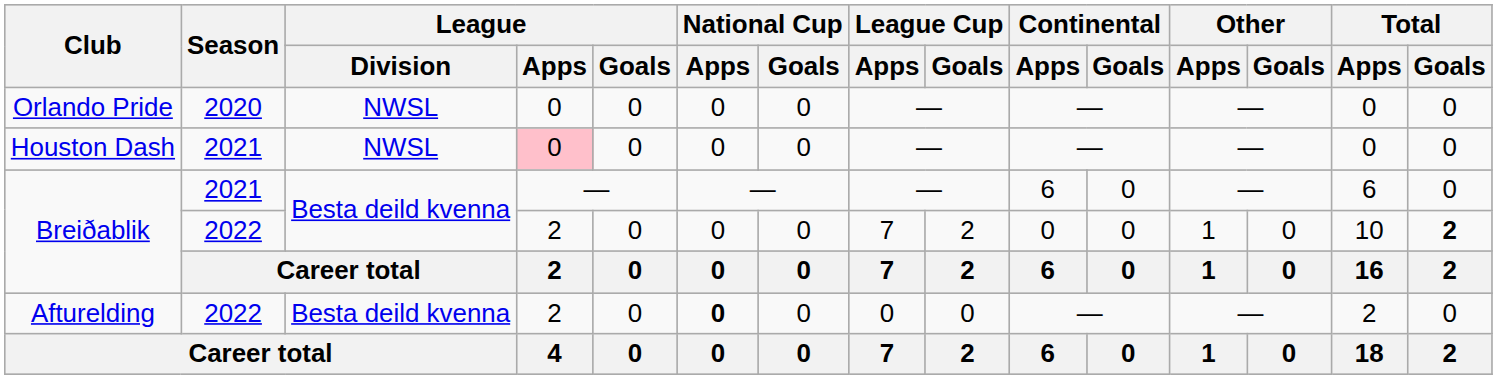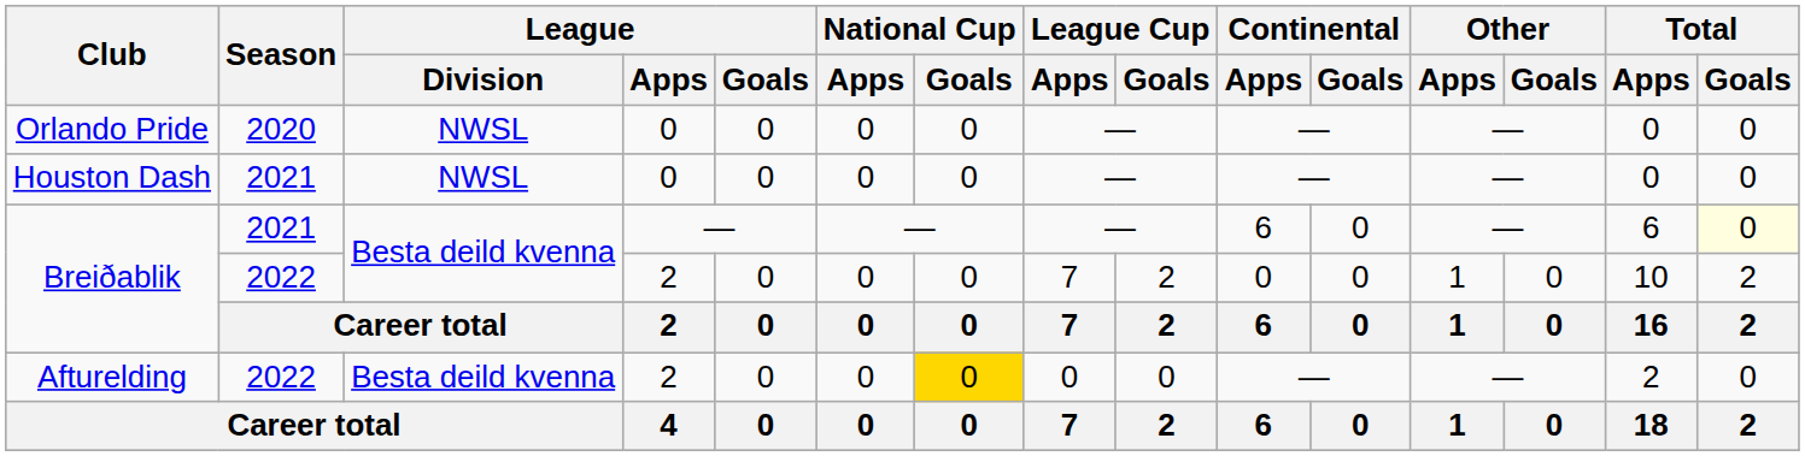 <table class="wikitable" style="text-align: center;">
 <tr>
 <th rowspan="2">Club</th>
 <th rowspan="2">Season</th>
 <th colspan="3">League</th>
 <th colspan="2">National Cup</th>
 <th colspan="2">League Cup</th>
 <th colspan="2">Continental</th>
 <th colspan="2">Other</th>
 <th colspan="2">Total</th>
 </tr>
 <tr>
 <th>Division</th>
 <th>Apps</th>
 <th>Goals</th>
 <th>Apps</th>
 <th>Goals</th>
 <th>Apps</th>
 <th>Goals</th>
 <th>Apps</th>
 <th>Goals</th>
 <th>Apps</th>
 <th>Goals</th>
 <th>Apps</th>
 <th>Goals</th>
 </tr>
 <tr>
 <td><a href='#'>Orlando Pride</a></td>
 <td><a href='#'>2020</a></td>
 <td><a href='#'>NWSL</a></td>
 <td>0</td>
 <td>0</td>
 <td>0</td>
 <td>0</td>
 <td colspan="2">—</td>
 <td colspan="2">—</td>
 <td colspan="2">—</td>
 <td>0</td>
 <td>0</td>
 </tr>
 <tr>
 <td><a href='#'>Houston Dash</a></td>
 <td><a href='#'>2021</a></td>
 <td><a href='#'>NWSL</a></td>
-<td style="background: pink;">0</td>
+<td>0</td>
 <td>0</td>
 <td>0</td>
 <td>0</td>
 <td colspan="2">—</td>
 <td colspan="2">—</td>
 <td colspan="2">—</td>
 <td>0</td>
 <td>0</td>
 </tr>
 <tr>
 <td rowspan=3><a href='#'>Breiðablik</a></td>
 <td><a href='#'>2021</a></td>
 <td rowspan=2><a href='#'>Besta deild kvenna</a></td>
 <td colspan="2">—</td>
 <td colspan="2">—</td>
 <td colspan="2">—</td>
 <td>6</td>
 <td>0</td>
 <td colspan="2">—</td>
 <td>6</td>
-<td>0</td>
+<td style="background: lightyellow;">0</td>
 </tr>
 <tr>
 <td><a href='#'>2022</a></td>
 <td>2</td>
 <td>0</td>
 <td>0</td>
 <td>0</td>
 <td>7</td>
 <td>2</td>
 <td>0</td>
 <td>0</td>
 <td>1</td>
 <td>0</td>
 <td>10</td>
-<td><strong>2</strong></td>
+<td>2</td>
 </tr>
 <tr>
 <th colspan="2">Career total</th>
 <th>2</th>
 <th>0</th>
 <th>0</th>
 <th>0</th>
 <th>7</th>
 <th>2</th>
 <th>6</th>
 <th>0</th>
 <th>1</th>
 <th>0</th>
 <th>16</th>
 <th>2</th>
 </tr>
 <tr>
 <td><a href='#'>Afturelding</a></td>
 <td><a href='#'>2022</a></td>
 <td><a href='#'>Besta deild kvenna</a></td>
 <td>2</td>
 <td>0</td>
-<td><strong>0</strong></td>
 <td>0</td>
+<td style="background: gold;">0</td>
 <td>0</td>
 <td>0</td>
 <td colspan="2">—</td>
 <td colspan="2">—</td>
 <td>2</td>
 <td>0</td>
 </tr>
 <tr>
 <th colspan="3">Career total</th>
 <th>4</th>
 <th>0</th>
 <th>0</th>
 <th>0</th>
 <th>7</th>
 <th>2</th>
 <th>6</th>
 <th>0</th>
 <th>1</th>
 <th>0</th>
 <th>18</th>
 <th>2</th>
 </tr>
 </table>
